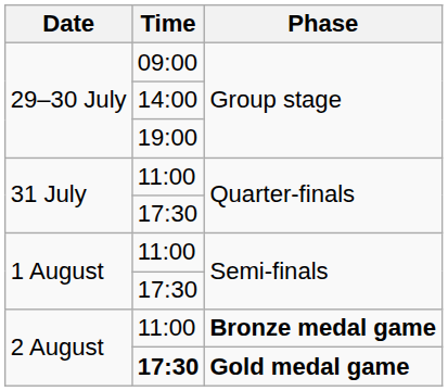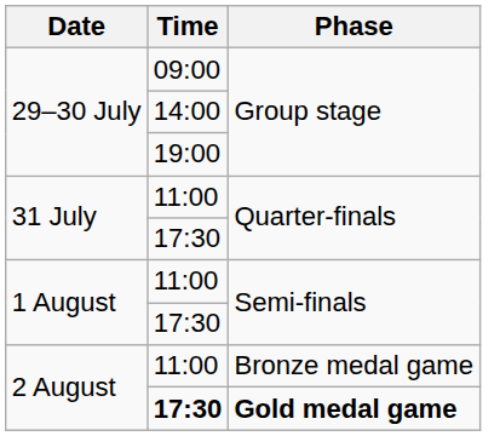 <table class="wikitable" border="1">
 <tr>
 <th>Date</th>
 <th>Time</th>
 <th>Phase</th>
 </tr>
 <tr>
 <td rowspan=3>29–30 July</td>
 <td>09:00</td>
 <td rowspan=3>Group stage</td>
 </tr>
 <tr>
 <td>14:00</td>
 </tr>
 <tr>
 <td>19:00</td>
 </tr>
 <tr>
 <td rowspan=2>31 July</td>
 <td>11:00</td>
 <td rowspan=2>Quarter-finals</td>
 </tr>
 <tr>
 <td>17:30</td>
 </tr>
 <tr>
 <td rowspan=2>1 August</td>
 <td>11:00</td>
 <td rowspan=2>Semi-finals</td>
 </tr>
 <tr>
 <td>17:30</td>
 </tr>
 <tr>
 <td rowspan=2>2 August</td>
 <td>11:00</td>
-<td><strong>Bronze medal game</strong></td>
+<td>Bronze medal game</td>
 </tr>
 <tr>
 <td><strong>17:30</strong></td>
 <td><strong>Gold medal game</strong></td>
 </tr>
 </table>
